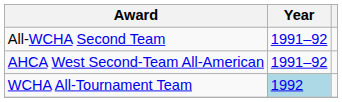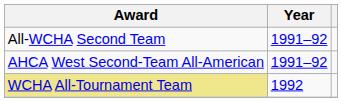 <table class="wikitable">
 <tr>
 <th>Award</th>
 <th>Year</th>
 <th></th>
 </tr>
 <tr>
 <td>All-<a href='#'>WCHA</a> <a href='#'>Second Team</a></td>
 <td><a href='#'>1991–92</a></td>
 <td></td>
 </tr>
 <tr>
 <td><a href='#'>AHCA</a> <a href='#'>West Second-Team All-American</a></td>
 <td><a href='#'>1991–92</a></td>
 <td></td>
 </tr>
 <tr>
-<td><a href='#'>WCHA</a> <a href='#'>All-Tournament Team</a></td>
-<td style="background: lightblue;"><a href='#'>1992</a></td>
+<td style="background: khaki;"><a href='#'>WCHA</a> <a href='#'>All-Tournament Team</a></td>
+<td><a href='#'>1992</a></td>
 <td></td>
 </tr>
 <tr>
 </tr>
 </table>
